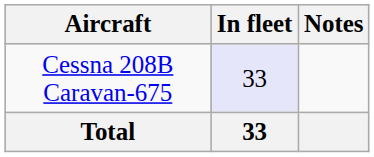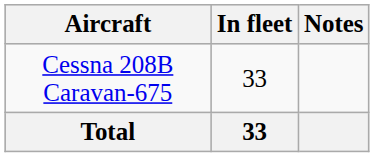 <table class="wikitable" style="text-align:center; margin:0.5em auto">
 <tr>
 <th style="width:125px;">Aircraft</th>
 <th>In fleet</th>
 <th>Notes</th>
 </tr>
 <tr>
 <td><a href='#'>Cessna 208B Caravan-675</a></td>
-<td style="background: lavender;">33</td>
+<td>33</td>
 <td></td>
 </tr>
 <tr>
 <th>Total</th>
 <th>33 </th>
 <th colspan="2" class="unsortable"></th>
 </tr>
 </table>
